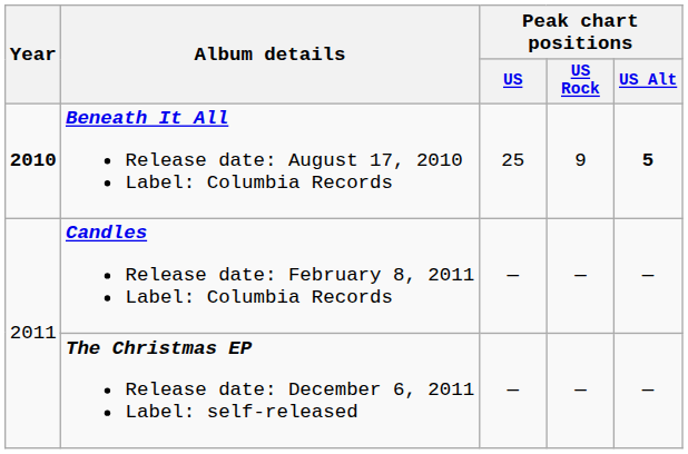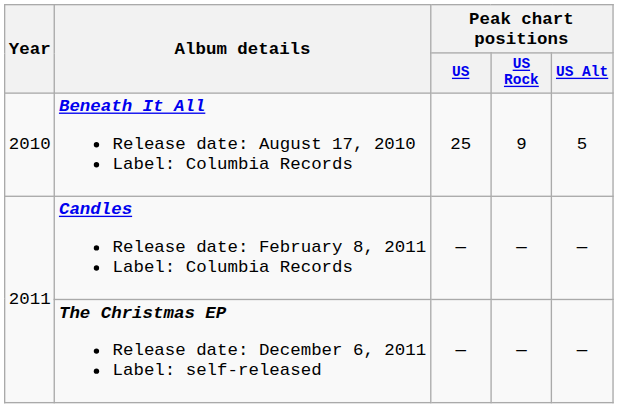 <table class="wikitable" style="text-align:center;">
 <tr>
 <th rowspan="2">Year</th>
 <th rowspan="2">Album details</th>
 <th colspan="3">Peak chart<br>positions</th>
 </tr>
 <tr style="font-size:smaller;">
 <th style="width:40px;"><a href='#'>US</a><br></th>
 <th style="width:40px;"><a href='#'>US Rock</a><br></th>
 <th style="width:40px;"><a href='#'>US Alt</a><br></th>
 </tr>
 <tr>
-<td><strong>2010</strong></td>
+<td>2010</td>
 <td style="text-align:left;"><strong><em><a href='#'>Beneath It All</a></em></strong><br><ul><li>Release date: August 17, 2010</li><li>Label: Columbia Records</li></ul></td>
 <td>25</td>
 <td>9</td>
-<td><strong>5</strong></td>
+<td>5</td>
 </tr>
 <tr>
 <td rowspan="2">2011</td>
 <td style="text-align:left;"><strong><em><a href='#'>Candles</a></em></strong><br><ul><li>Release date: February 8, 2011</li><li>Label: Columbia Records</li></ul></td>
 <td>—</td>
 <td>—</td>
 <td>—</td>
 </tr>
 <tr>
 <td style="text-align:left;"><strong><em>The Christmas EP</em></strong><br><ul><li>Release date: December 6, 2011</li><li>Label: self-released</li></ul></td>
 <td>—</td>
 <td>—</td>
 <td>—</td>
 </tr>
 </table>
